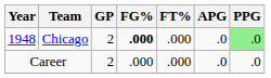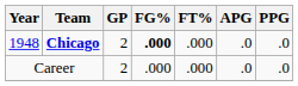 <table class="wikitable sortable" style="font-size:95%; text-align:right;">
 <tr>
 <th>Year</th>
 <th>Team</th>
 <th>GP</th>
 <th>FG%</th>
 <th>FT%</th>
 <th>APG</th>
 <th>PPG</th>
 </tr>
 <tr>
 <td style="text-align:left;"><a href='#'>1948</a></td>
-<td style="text-align:left;"><a href='#'>Chicago</a></td>
+<td style="text-align:left;"><strong><a href='#'>Chicago</a></strong></td>
 <td>2</td>
 <td><strong>.000</strong></td>
 <td>.000</td>
 <td>.0</td>
-<td style="background: lightgreen;">.0</td>
+<td>.0</td>
 </tr>
 <tr>
 <td style="text-align:center;" colspan="2">Career</td>
 <td>2</td>
 <td>.000</td>
 <td>.000</td>
 <td>.0</td>
 <td>.0</td>
 </tr>
 <tr>
 </tr>
 </table>
